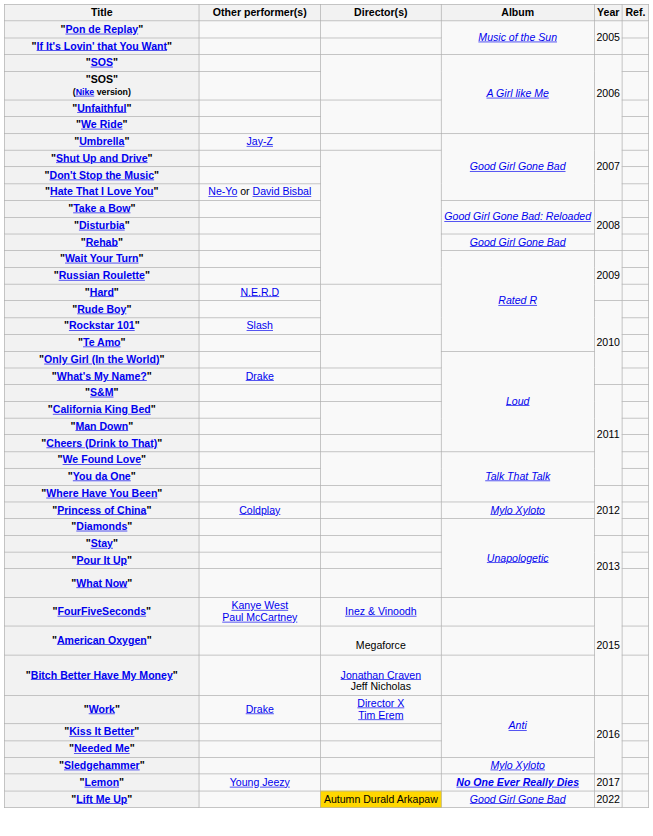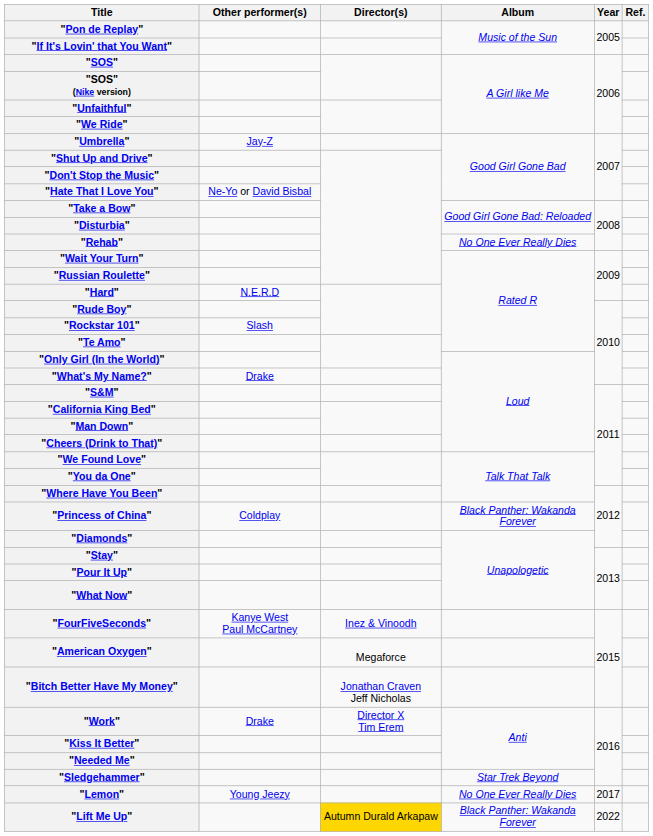 <table class="wikitable plainrowheaders" style="text-align:center;">
 <tr>
 <th scope="col" style="width: 18em;">Title</th>
 <th scope="col" style="width: 11em;">Other performer(s)</th>
 <th scope="col" style="width: 11em;">Director(s)</th>
 <th scope="col" style="width: 14em;">Album</th>
 <th scope="col" style="width: 2em;">Year</th>
 <th scope="col" style="width: 2em;" class="unsortable">Ref.</th>
 </tr>
 <tr>
 <th scope="row">"<a href='#'>Pon de Replay</a>"</th>
 <td></td>
 <td></td>
 <td rowspan="2"><em><a href='#'>Music of the Sun</a></em></td>
 <td rowspan="2">2005</td>
 <td><br></td>
 </tr>
 <tr>
 <th scope="row">"<a href='#'>If It's Lovin' that You Want</a>"</th>
 <td></td>
 <td></td>
 <td><br></td>
 </tr>
 <tr>
 <th scope="row">"<a href='#'>SOS</a>"</th>
 <td></td>
 <td rowspan="2"></td>
 <td rowspan="4"><em><a href='#'>A Girl like Me</a></em></td>
 <td rowspan="4">2006</td>
 <td><br></td>
 </tr>
 <tr>
 <th scope="row">"SOS" <br><small>(<a href='#'>Nike</a> version)<br></small></th>
 <td></td>
 <td><br></td>
 </tr>
 <tr>
 <th scope="row">"<a href='#'>Unfaithful</a>"</th>
 <td></td>
 <td rowspan="2"></td>
 <td><br></td>
 </tr>
 <tr>
 <th scope="row">"<a href='#'>We Ride</a>"</th>
 <td></td>
 <td><br></td>
 </tr>
 <tr>
 <th scope="row">"<a href='#'>Umbrella</a>"</th>
 <td><a href='#'>Jay-Z</a></td>
 <td></td>
 <td rowspan="4"><em><a href='#'>Good Girl Gone Bad</a></em></td>
 <td rowspan="4">2007</td>
 <td><br></td>
 </tr>
 <tr>
 <th scope="row">"<a href='#'>Shut Up and Drive</a>"</th>
 <td></td>
 <td rowspan="8"></td>
 <td><br></td>
 </tr>
 <tr>
 <th scope="row">"<a href='#'>Don't Stop the Music</a>"</th>
 <td></td>
 <td><br></td>
 </tr>
 <tr>
 <th scope="row">"<a href='#'>Hate That I Love You</a>"</th>
 <td><a href='#'>Ne-Yo</a> or <a href='#'>David Bisbal</a></td>
 <td><br></td>
 </tr>
 <tr>
 <th scope="row">"<a href='#'>Take a Bow</a>"</th>
 <td></td>
 <td rowspan="2"><em><a href='#'>Good Girl Gone Bad: Reloaded</a></em></td>
 <td rowspan="3">2008</td>
 <td><br></td>
 </tr>
 <tr>
 <th scope="row">"<a href='#'>Disturbia</a>"</th>
 <td></td>
 <td><br></td>
 </tr>
 <tr>
 <th scope="row">"<a href='#'>Rehab</a>"</th>
 <td></td>
-<td><em><a href='#'>Good Girl Gone Bad</a></em></td>
+<td><em><a href='#'>No One Ever Really Dies</a></em></td>
 <td><br></td>
 </tr>
 <tr>
 <th scope="row">"<a href='#'>Wait Your Turn</a>"</th>
 <td></td>
 <td rowspan="6"><em><a href='#'>Rated R</a></em></td>
 <td rowspan="3">2009</td>
 <td><br></td>
 </tr>
 <tr>
 <th scope="row">"<a href='#'>Russian Roulette</a>"</th>
 <td></td>
 <td><br></td>
 </tr>
 <tr>
 <th scope="row">"<a href='#'>Hard</a>"</th>
 <td><a href='#'>N.E.R.D</a></td>
 <td rowspan="3"></td>
 <td><br></td>
 </tr>
 <tr>
 <th scope="row">"<a href='#'>Rude Boy</a>"</th>
 <td></td>
 <td rowspan="5">2010</td>
 <td><br></td>
 </tr>
 <tr>
 <th scope="row">"<a href='#'>Rockstar 101</a>"</th>
 <td><a href='#'>Slash</a></td>
 <td><br></td>
 </tr>
 <tr>
 <th scope="row">"<a href='#'>Te Amo</a>"</th>
 <td></td>
 <td rowspan="2"></td>
 <td><br></td>
 </tr>
 <tr>
 <th scope="row">"<a href='#'>Only Girl (In the World)</a>"</th>
 <td></td>
 <td rowspan="6"><em><a href='#'>Loud</a></em></td>
 <td><br></td>
 </tr>
 <tr>
 <th scope="row">"<a href='#'>What's My Name?</a>"</th>
 <td><a href='#'>Drake</a></td>
 <td></td>
 <td><br></td>
 </tr>
 <tr>
 <th scope="row">"<a href='#'>S&M</a>"</th>
 <td></td>
 <td></td>
 <td rowspan="6">2011</td>
 <td><br></td>
 </tr>
 <tr>
 <th scope="row">"<a href='#'>California King Bed</a>"</th>
 <td></td>
 <td rowspan="2"></td>
 <td><br></td>
 </tr>
 <tr>
 <th scope="row">"<a href='#'>Man Down</a>"</th>
 <td></td>
 <td><br></td>
 </tr>
 <tr>
 <th scope="row">"<a href='#'>Cheers (Drink to That)</a>"</th>
 <td></td>
 <td></td>
 <td><br></td>
 </tr>
 <tr>
 <th scope="row">"<a href='#'>We Found Love</a>"</th>
 <td></td>
 <td rowspan="2"></td>
 <td rowspan="3"><em><a href='#'>Talk That Talk</a></em></td>
 <td><br></td>
 </tr>
 <tr>
 <th scope="row">"<a href='#'>You da One</a>"</th>
 <td></td>
 <td><br></td>
 </tr>
 <tr>
 <th scope="row">"<a href='#'>Where Have You Been</a>"</th>
 <td></td>
 <td></td>
 <td rowspan="3'">2012</td>
 <td><br></td>
 </tr>
 <tr>
 <th scope="row">"<a href='#'>Princess of China</a>"</th>
 <td><a href='#'>Coldplay</a></td>
 <td></td>
-<td><em><a href='#'>Mylo Xyloto</a></em></td>
+<td><em><a href='#'>Black Panther: Wakanda Forever</a></em></td>
 <td><br></td>
 </tr>
 <tr>
 <th scope="row">"<a href='#'>Diamonds</a>"</th>
 <td></td>
 <td></td>
 <td rowspan="4"><em><a href='#'>Unapologetic</a></em></td>
 <td><br></td>
 </tr>
 <tr>
 <th scope="row">"<a href='#'>Stay</a>"</th>
 <td></td>
 <td></td>
 <td rowspan="3">2013</td>
 <td><br></td>
 </tr>
 <tr>
 <th scope="row">"<a href='#'>Pour It Up</a>"</th>
 <td></td>
 <td></td>
 <td><br></td>
 </tr>
 <tr>
 <th scope="row">"<a href='#'>What Now</a>"</th>
 <td></td>
 <td> <br>  <br> </td>
 <td></td>
 </tr>
 <tr>
 <th scope="row">"<a href='#'>FourFiveSeconds</a>"</th>
 <td><a href='#'>Kanye West</a> <br> <a href='#'>Paul McCartney</a></td>
 <td><a href='#'>Inez & Vinoodh</a></td>
 <td></td>
 <td rowspan="3">2015</td>
 <td></td>
 </tr>
 <tr>
 <th scope="row">"<a href='#'>American Oxygen</a>"</th>
 <td></td>
 <td> <br> Megaforce</td>
 <td></td>
 <td></td>
 </tr>
 <tr>
 <th scope="row">"<a href='#'>Bitch Better Have My Money</a>"</th>
 <td></td>
 <td> <br> <a href='#'>Jonathan Craven</a> <br> Jeff Nicholas</td>
 <td></td>
 <td></td>
 </tr>
 <tr>
 <th scope="row">"<a href='#'>Work</a>"</th>
 <td><a href='#'>Drake</a></td>
 <td><a href='#'>Director X</a> <br> <a href='#'>Tim Erem</a></td>
 <td rowspan="3"><em><a href='#'>Anti</a></em></td>
 <td rowspan="4">2016</td>
 <td><br></td>
 </tr>
 <tr>
 <th scope="row">"<a href='#'>Kiss It Better</a>"</th>
 <td></td>
 <td></td>
 <td><br></td>
 </tr>
 <tr>
 <th scope="row">"<a href='#'>Needed Me</a>"</th>
 <td></td>
 <td></td>
 <td><br></td>
 </tr>
 <tr>
 <th scope="row">"<a href='#'>Sledgehammer</a>"</th>
 <td></td>
 <td></td>
-<td><em><a href='#'>Mylo Xyloto</a></em></td>
+<td><em><a href='#'>Star Trek Beyond</a></em></td>
 <td></td>
 </tr>
 <tr>
 <th scope="row">"<a href='#'>Lemon</a>"</th>
 <td><a href='#'>Young Jeezy</a></td>
 <td> <br> </td>
-<td><strong><em><a href='#'>No One Ever Really Dies</a></em></strong></td>
+<td><em><a href='#'>No One Ever Really Dies</a></em></td>
 <td>2017</td>
 <td></td>
 </tr>
 <tr>
 <th scope="row">"<a href='#'>Lift Me Up</a>"</th>
 <td></td>
 <td style="background: gold;">Autumn Durald Arkapaw</td>
-<td><em><a href='#'>Good Girl Gone Bad</a></em></td>
+<td><em><a href='#'>Black Panther: Wakanda Forever</a></em></td>
 <td>2022</td>
 </tr>
 </table>
